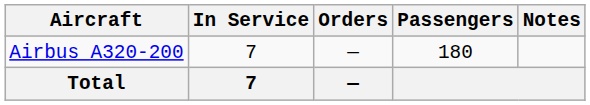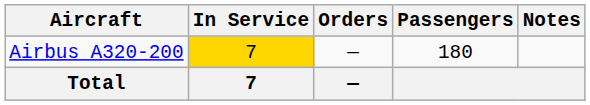 <table class="wikitable" style="border-collapse:collapse;text-align:center;margin:auto;">
 <tr>
 <th>Aircraft</th>
 <th>In Service</th>
 <th>Orders</th>
 <th>Passengers</th>
 <th>Notes</th>
 </tr>
 <tr>
 <td><a href='#'>Airbus A320-200</a></td>
-<td>7</td>
+<td style="background: gold;">7</td>
 <td>—</td>
 <td>180</td>
 <td></td>
 </tr>
 <tr>
 <th>Total</th>
 <th>7</th>
 <th>—</th>
 <th colspan="3"></th>
 </tr>
 </table>
